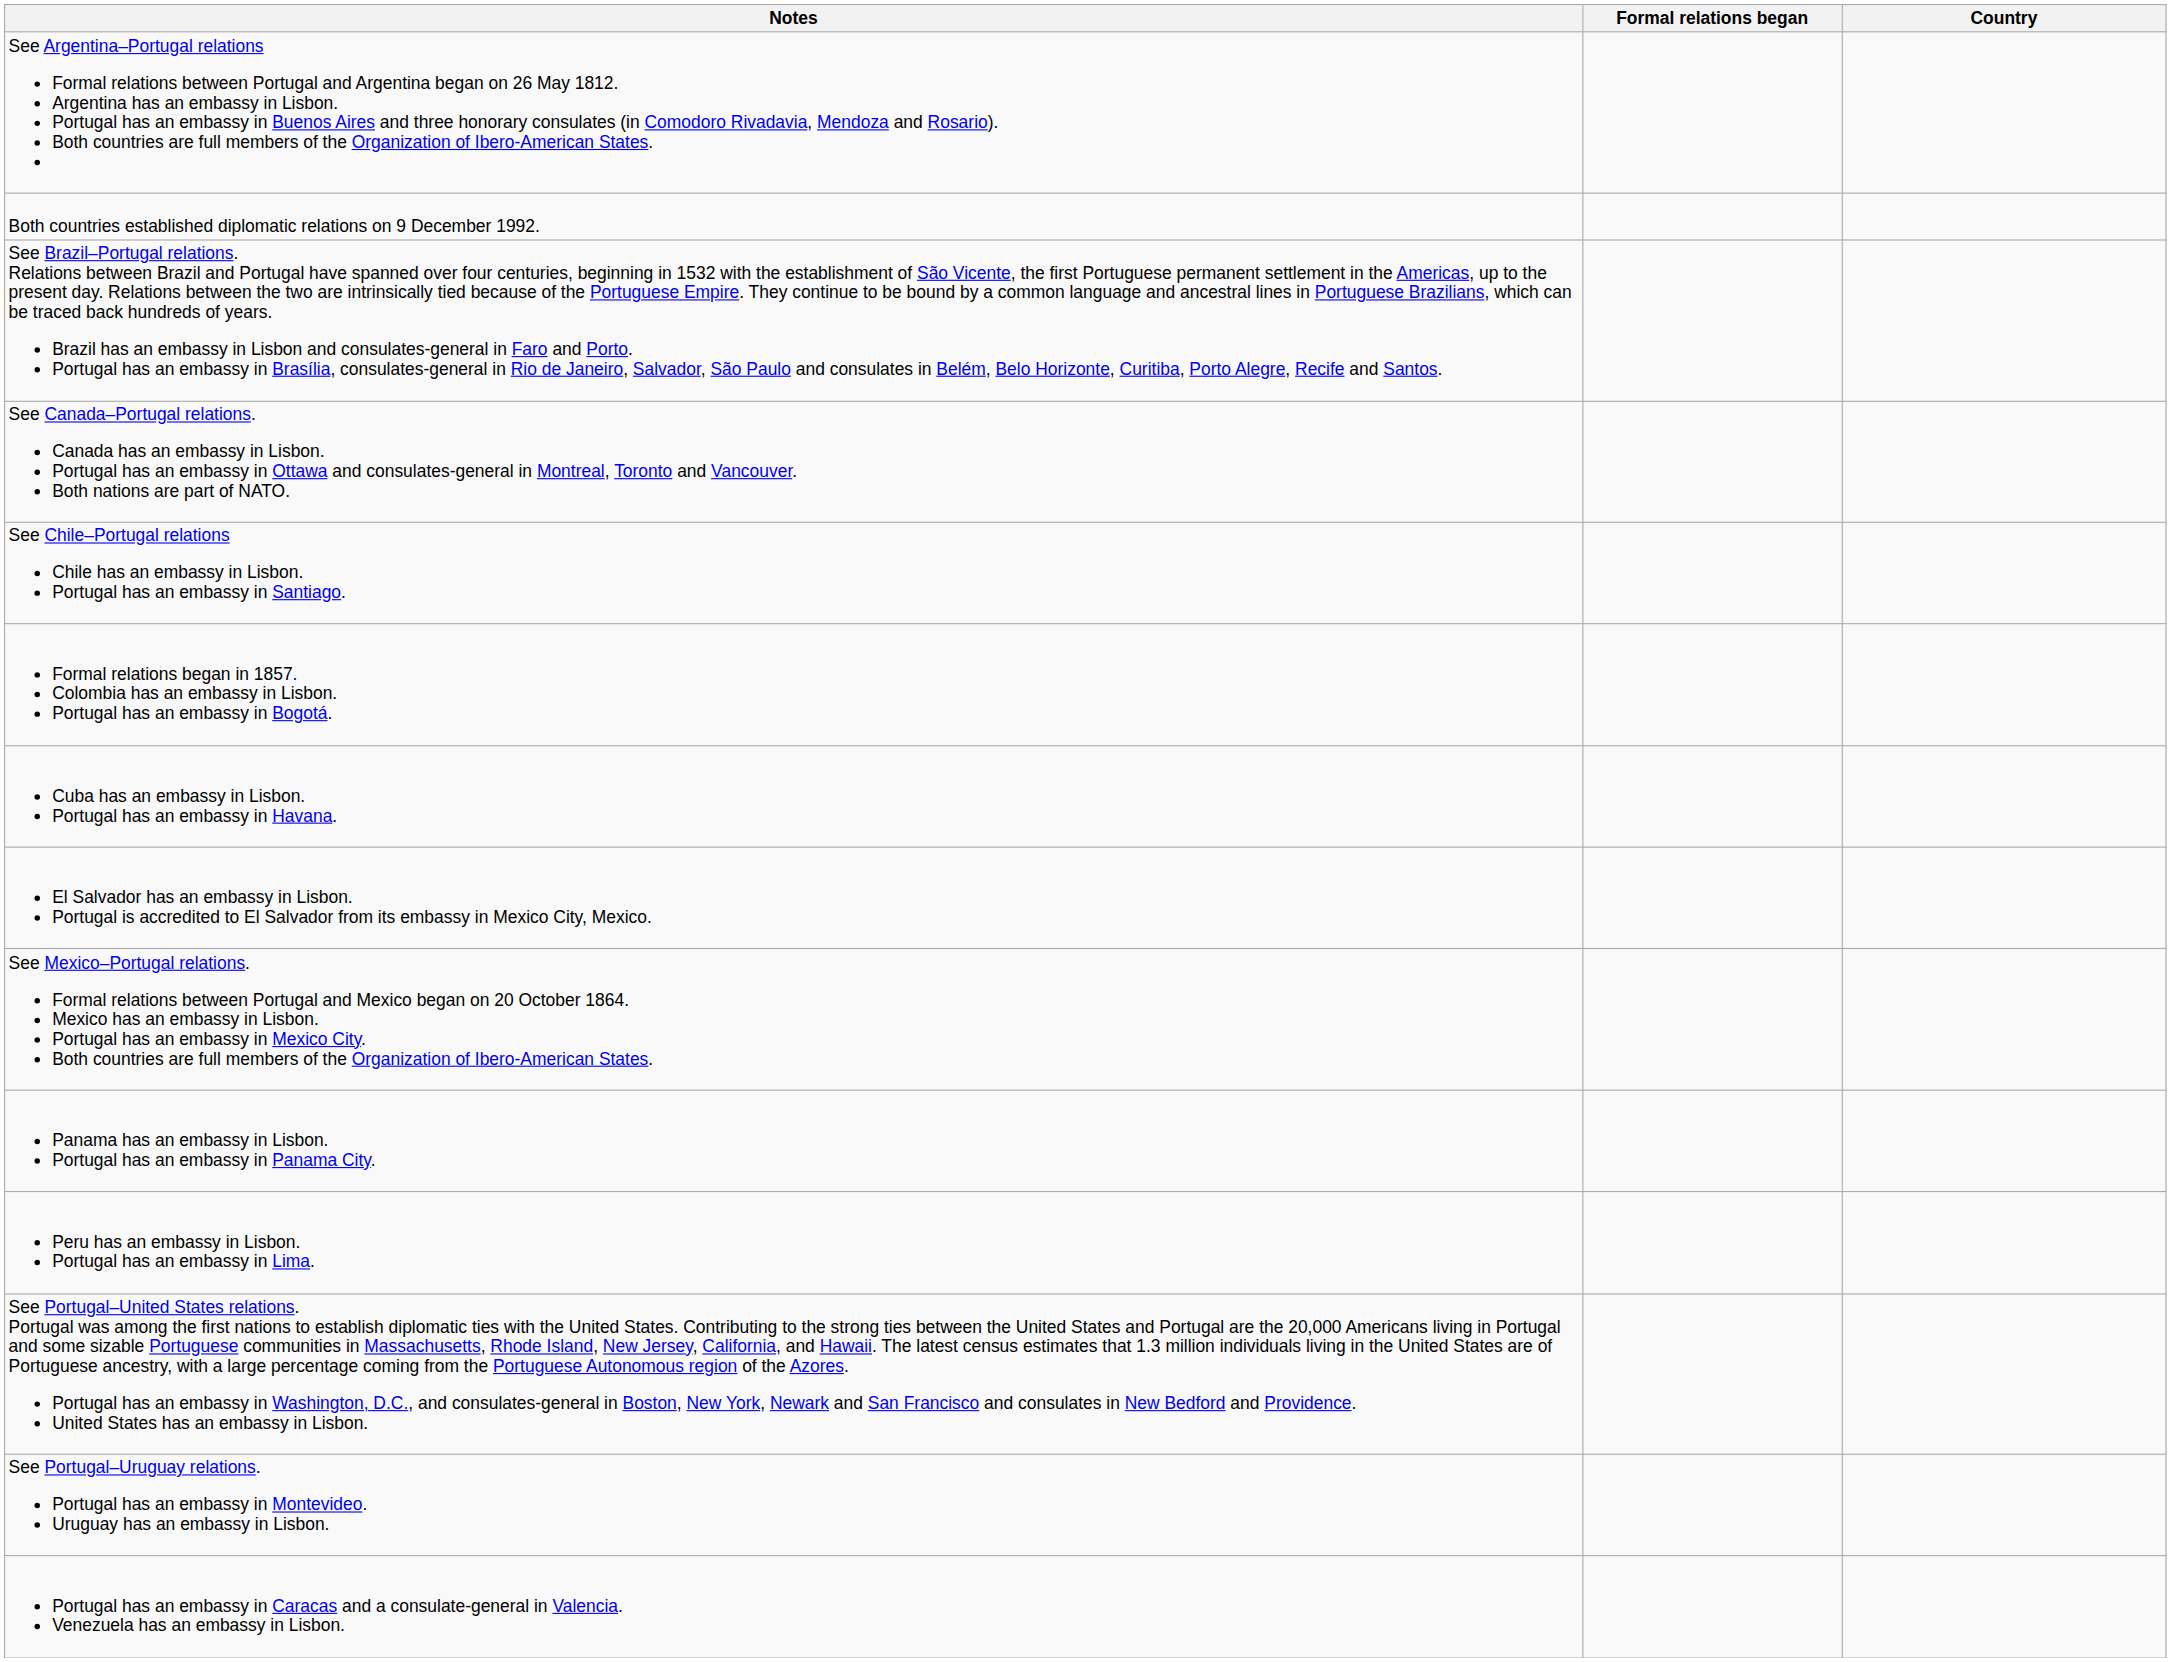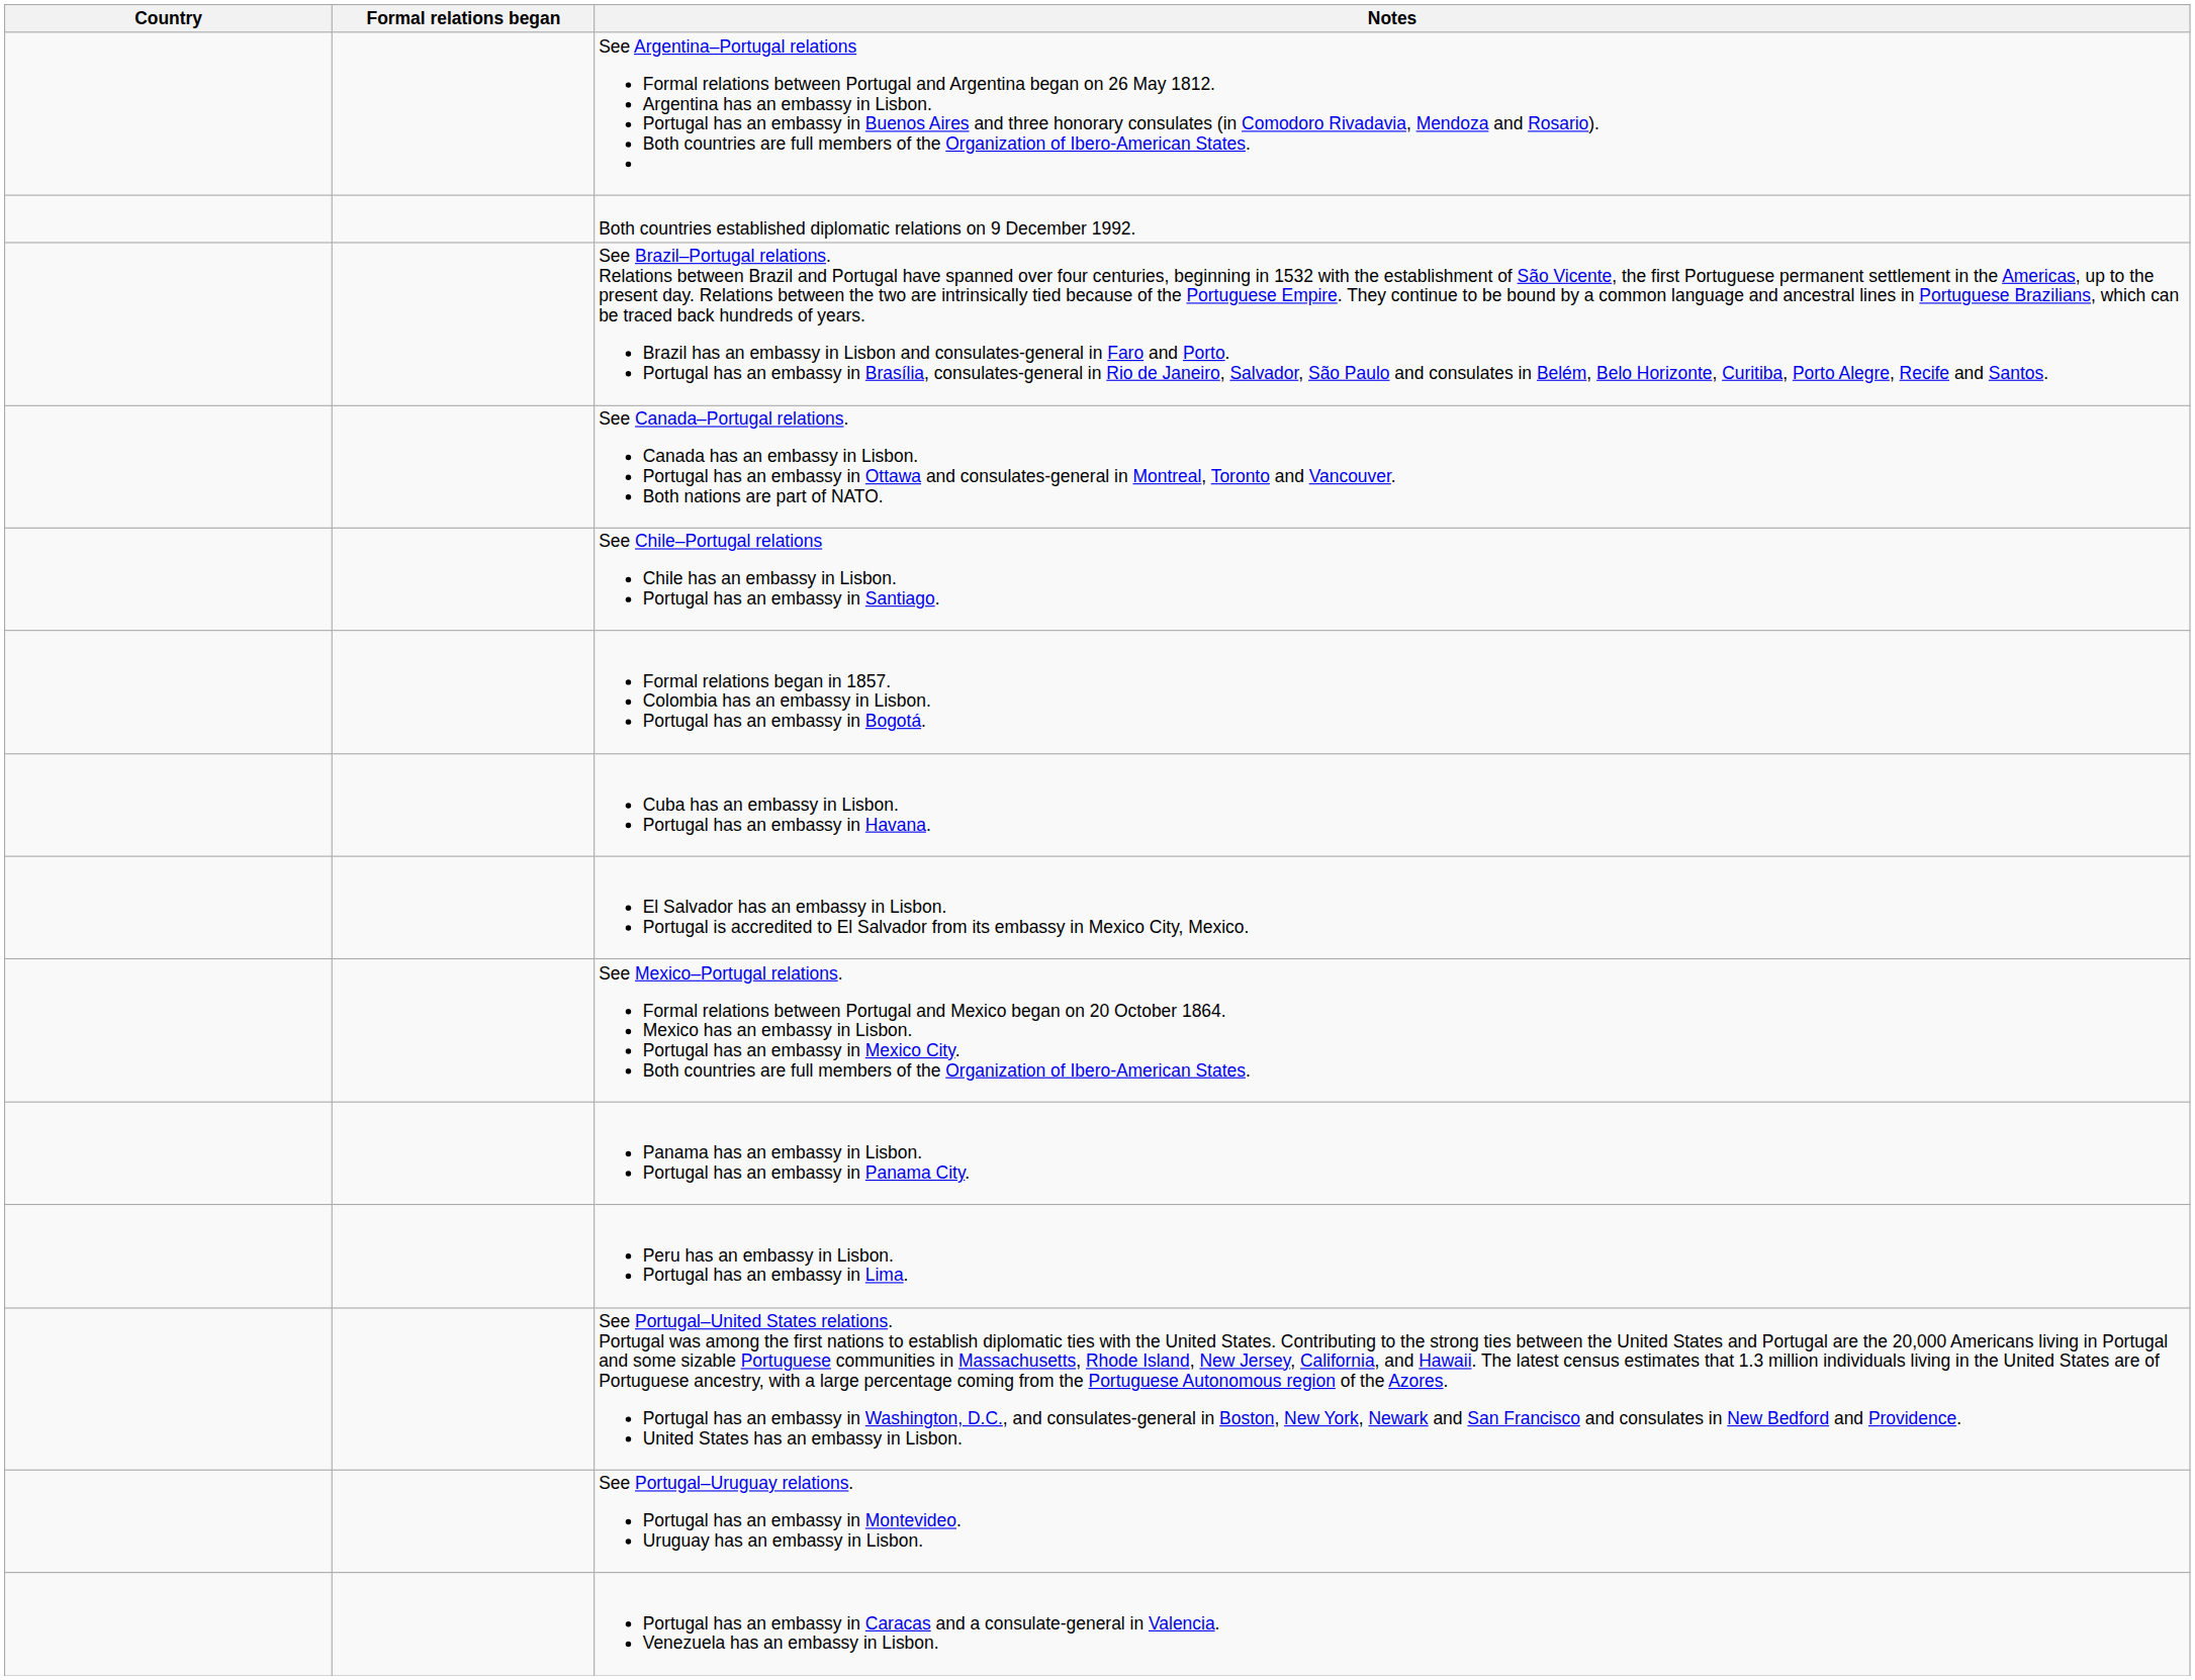 <table class="wikitable sortable" style="width:100%; margin:auto;">
 <tr>
+<th style="width:15%;">Country</th>
+<th style="width:12%;">Formal relations began</th>
 <th>Notes</th>
-<th style="width:12%;">Formal relations began</th>
-<th style="width:15%;">Country</th>
 </tr>
 <tr valign="top">
-<td>See <a href='#'>Argentina–Portugal relations</a><br><ul><li>Formal relations between Portugal and Argentina began on 26 May 1812.</li><li>Argentina has an embassy in Lisbon.</li><li>Portugal has an embassy in <a href='#'>Buenos Aires</a> and three honorary consulates (in <a href='#'>Comodoro Rivadavia</a>, <a href='#'>Mendoza</a> and <a href='#'>Rosario</a>).</li><li>Both countries are full members of the <a href='#'>Organization of Ibero-American States</a>.</li><li></li></ul></td>
 <td></td>
 <td></td>
+<td>See <a href='#'>Argentina–Portugal relations</a><br><ul><li>Formal relations between Portugal and Argentina began on 26 May 1812.</li><li>Argentina has an embassy in Lisbon.</li><li>Portugal has an embassy in <a href='#'>Buenos Aires</a> and three honorary consulates (in <a href='#'>Comodoro Rivadavia</a>, <a href='#'>Mendoza</a> and <a href='#'>Rosario</a>).</li><li>Both countries are full members of the <a href='#'>Organization of Ibero-American States</a>.</li><li></li></ul></td>
 </tr>
 <tr valign="top">
-<td><br>Both countries established diplomatic relations on 9 December 1992.</td>
 <td></td>
 <td></td>
+<td><br>Both countries established diplomatic relations on 9 December 1992.</td>
 </tr>
 <tr valign="top">
-<td>See <a href='#'>Brazil–Portugal relations</a>.<br>Relations between Brazil and Portugal have spanned over four centuries, beginning in 1532 with the establishment of <a href='#'>São Vicente</a>, the first Portuguese permanent settlement in the <a href='#'>Americas</a>, up to the present day. Relations between the two are intrinsically tied because of the <a href='#'>Portuguese Empire</a>. They continue to be bound by a common language and ancestral lines in <a href='#'>Portuguese Brazilians</a>, which can be traced back hundreds of years.<ul><li>Brazil has an embassy in Lisbon and consulates-general in <a href='#'>Faro</a> and <a href='#'>Porto</a>.</li><li>Portugal has an embassy in <a href='#'>Brasília</a>, consulates-general in <a href='#'>Rio de Janeiro</a>, <a href='#'>Salvador</a>, <a href='#'>São Paulo</a> and consulates in <a href='#'>Belém</a>, <a href='#'>Belo Horizonte</a>, <a href='#'>Curitiba</a>, <a href='#'>Porto Alegre</a>, <a href='#'>Recife</a> and <a href='#'>Santos</a>.</li></ul></td>
 <td></td>
 <td></td>
+<td>See <a href='#'>Brazil–Portugal relations</a>.<br>Relations between Brazil and Portugal have spanned over four centuries, beginning in 1532 with the establishment of <a href='#'>São Vicente</a>, the first Portuguese permanent settlement in the <a href='#'>Americas</a>, up to the present day. Relations between the two are intrinsically tied because of the <a href='#'>Portuguese Empire</a>. They continue to be bound by a common language and ancestral lines in <a href='#'>Portuguese Brazilians</a>, which can be traced back hundreds of years.<ul><li>Brazil has an embassy in Lisbon and consulates-general in <a href='#'>Faro</a> and <a href='#'>Porto</a>.</li><li>Portugal has an embassy in <a href='#'>Brasília</a>, consulates-general in <a href='#'>Rio de Janeiro</a>, <a href='#'>Salvador</a>, <a href='#'>São Paulo</a> and consulates in <a href='#'>Belém</a>, <a href='#'>Belo Horizonte</a>, <a href='#'>Curitiba</a>, <a href='#'>Porto Alegre</a>, <a href='#'>Recife</a> and <a href='#'>Santos</a>.</li></ul></td>
 </tr>
 <tr valign="top">
-<td>See <a href='#'>Canada–Portugal relations</a>.<br><ul><li>Canada has an embassy in Lisbon.</li><li>Portugal has an embassy in <a href='#'>Ottawa</a> and consulates-general in <a href='#'>Montreal</a>, <a href='#'>Toronto</a> and <a href='#'>Vancouver</a>.</li><li>Both nations are part of NATO.</li></ul></td>
 <td></td>
 <td></td>
+<td>See <a href='#'>Canada–Portugal relations</a>.<br><ul><li>Canada has an embassy in Lisbon.</li><li>Portugal has an embassy in <a href='#'>Ottawa</a> and consulates-general in <a href='#'>Montreal</a>, <a href='#'>Toronto</a> and <a href='#'>Vancouver</a>.</li><li>Both nations are part of NATO.</li></ul></td>
 </tr>
 <tr valign="top">
-<td>See <a href='#'>Chile–Portugal relations</a><br><ul><li>Chile has an embassy in Lisbon.</li><li>Portugal has an embassy in <a href='#'>Santiago</a>.</li></ul></td>
 <td></td>
 <td></td>
+<td>See <a href='#'>Chile–Portugal relations</a><br><ul><li>Chile has an embassy in Lisbon.</li><li>Portugal has an embassy in <a href='#'>Santiago</a>.</li></ul></td>
 </tr>
 <tr valign="top">
-<td><br><ul><li>Formal relations began in 1857.</li><li>Colombia has an embassy in Lisbon.</li><li>Portugal has an embassy in <a href='#'>Bogotá</a>.</li></ul></td>
 <td></td>
 <td></td>
+<td><br><ul><li>Formal relations began in 1857.</li><li>Colombia has an embassy in Lisbon.</li><li>Portugal has an embassy in <a href='#'>Bogotá</a>.</li></ul></td>
 </tr>
 <tr valign="top">
-<td><br><ul><li>Cuba has an embassy in Lisbon.</li><li>Portugal has an embassy in <a href='#'>Havana</a>.</li></ul></td>
 <td></td>
 <td></td>
+<td><br><ul><li>Cuba has an embassy in Lisbon.</li><li>Portugal has an embassy in <a href='#'>Havana</a>.</li></ul></td>
 </tr>
 <tr valign="top">
-<td><br><ul><li>El Salvador has an embassy in Lisbon.</li><li>Portugal is accredited to El Salvador from its embassy in Mexico City, Mexico.</li></ul></td>
 <td></td>
 <td></td>
+<td><br><ul><li>El Salvador has an embassy in Lisbon.</li><li>Portugal is accredited to El Salvador from its embassy in Mexico City, Mexico.</li></ul></td>
 </tr>
 <tr valign="top">
-<td>See <a href='#'>Mexico–Portugal relations</a>.<br><ul><li>Formal relations between Portugal and Mexico began on 20 October 1864.</li><li>Mexico has an embassy in Lisbon.</li><li>Portugal has an embassy in <a href='#'>Mexico City</a>.</li><li>Both countries are full members of the <a href='#'>Organization of Ibero-American States</a>.</li></ul></td>
 <td></td>
 <td></td>
+<td>See <a href='#'>Mexico–Portugal relations</a>.<br><ul><li>Formal relations between Portugal and Mexico began on 20 October 1864.</li><li>Mexico has an embassy in Lisbon.</li><li>Portugal has an embassy in <a href='#'>Mexico City</a>.</li><li>Both countries are full members of the <a href='#'>Organization of Ibero-American States</a>.</li></ul></td>
 </tr>
 <tr valign="top">
-<td><br><ul><li>Panama has an embassy in Lisbon.</li><li>Portugal has an embassy in <a href='#'>Panama City</a>.</li></ul></td>
 <td></td>
 <td></td>
+<td><br><ul><li>Panama has an embassy in Lisbon.</li><li>Portugal has an embassy in <a href='#'>Panama City</a>.</li></ul></td>
 </tr>
 <tr valign="top">
-<td><br><ul><li>Peru has an embassy in Lisbon.</li><li>Portugal has an embassy in <a href='#'>Lima</a>.</li></ul></td>
 <td></td>
 <td></td>
+<td><br><ul><li>Peru has an embassy in Lisbon.</li><li>Portugal has an embassy in <a href='#'>Lima</a>.</li></ul></td>
 </tr>
 <tr valign="top">
-<td>See <a href='#'>Portugal–United States relations</a>.<br>Portugal was among the first nations to establish diplomatic ties with the United States. Contributing to the strong ties between the United States and Portugal are the 20,000 Americans living in Portugal and some sizable <a href='#'>Portuguese</a> communities in <a href='#'>Massachusetts</a>, <a href='#'>Rhode Island</a>, <a href='#'>New Jersey</a>, <a href='#'>California</a>, and <a href='#'>Hawaii</a>. The latest census estimates that 1.3 million individuals living in the United States are of Portuguese ancestry, with a large percentage coming from the <a href='#'>Portuguese Autonomous region</a> of the <a href='#'>Azores</a>.<ul><li>Portugal has an embassy in <a href='#'>Washington, D.C.</a>, and consulates-general in <a href='#'>Boston</a>, <a href='#'>New York</a>, <a href='#'>Newark</a> and <a href='#'>San Francisco</a> and consulates in <a href='#'>New Bedford</a> and <a href='#'>Providence</a>.</li><li>United States has an embassy in Lisbon.</li></ul></td>
 <td></td>
 <td></td>
+<td>See <a href='#'>Portugal–United States relations</a>.<br>Portugal was among the first nations to establish diplomatic ties with the United States. Contributing to the strong ties between the United States and Portugal are the 20,000 Americans living in Portugal and some sizable <a href='#'>Portuguese</a> communities in <a href='#'>Massachusetts</a>, <a href='#'>Rhode Island</a>, <a href='#'>New Jersey</a>, <a href='#'>California</a>, and <a href='#'>Hawaii</a>. The latest census estimates that 1.3 million individuals living in the United States are of Portuguese ancestry, with a large percentage coming from the <a href='#'>Portuguese Autonomous region</a> of the <a href='#'>Azores</a>.<ul><li>Portugal has an embassy in <a href='#'>Washington, D.C.</a>, and consulates-general in <a href='#'>Boston</a>, <a href='#'>New York</a>, <a href='#'>Newark</a> and <a href='#'>San Francisco</a> and consulates in <a href='#'>New Bedford</a> and <a href='#'>Providence</a>.</li><li>United States has an embassy in Lisbon.</li></ul></td>
 </tr>
 <tr valign="top">
-<td>See <a href='#'>Portugal–Uruguay relations</a>.<br><ul><li>Portugal has an embassy in <a href='#'>Montevideo</a>.</li><li>Uruguay has an embassy in Lisbon.</li></ul></td>
 <td></td>
 <td></td>
+<td>See <a href='#'>Portugal–Uruguay relations</a>.<br><ul><li>Portugal has an embassy in <a href='#'>Montevideo</a>.</li><li>Uruguay has an embassy in Lisbon.</li></ul></td>
 </tr>
 <tr valign="top">
-<td><br><ul><li>Portugal has an embassy in <a href='#'>Caracas</a> and a consulate-general in <a href='#'>Valencia</a>.</li><li>Venezuela has an embassy in Lisbon.</li></ul></td>
 <td></td>
 <td></td>
+<td><br><ul><li>Portugal has an embassy in <a href='#'>Caracas</a> and a consulate-general in <a href='#'>Valencia</a>.</li><li>Venezuela has an embassy in Lisbon.</li></ul></td>
 </tr>
 </table>
